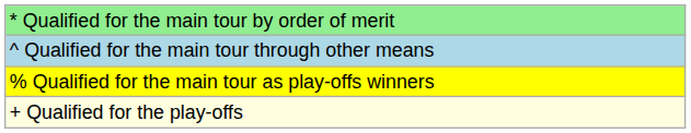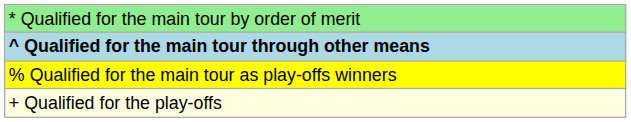 <table class="wikitable" style="font-size:85%; width:30%;">
 <tr style="background:lightgreen;">
 <td>* Qualified for the main tour by order of merit</td>
 </tr>
 <tr style="background:lightblue;">
-<td>^ Qualified for the main tour through other means</td>
+<td><strong>^ Qualified for the main tour through other means</strong></td>
 </tr>
 <tr style="background:yellow;">
 <td>% Qualified for the main tour as play-offs winners</td>
 </tr>
 <tr style="background:lightyellow;">
 <td>+ Qualified for the play-offs</td>
 </tr>
 </table>
